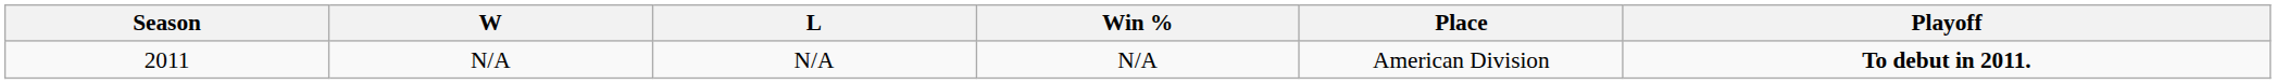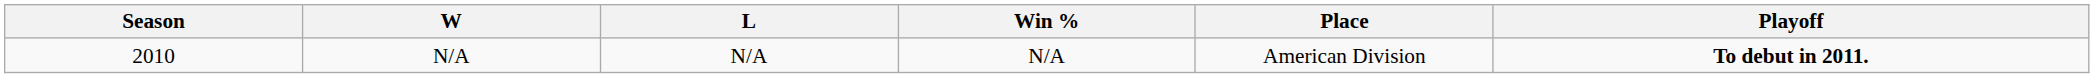 <table class="wikitable">
 <tr>
 <th bgcolor="#DDDDFF" width="5%">Season</th>
 <th bgcolor="#DDDDFF" width="5%">W</th>
 <th bgcolor="#DDDDFF" width="5%">L</th>
 <th bgcolor="#DDDDFF" width="5%">Win %</th>
 <th bgcolor="#DDDDFF" width="5%">Place</th>
 <th bgcolor="#DDDDFF" width="10%">Playoff</th>
 </tr>
 <tr align=center>
-<td>2011</td>
+<td>2010</td>
 <td>N/A</td>
 <td>N/A</td>
 <td>N/A</td>
 <td>American Division</td>
 <td><strong>To debut in 2011.</strong></td>
 </tr>
 </table>
